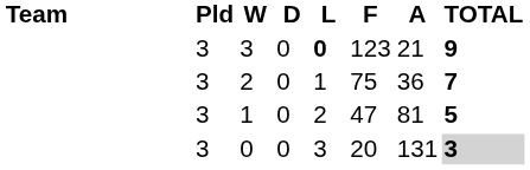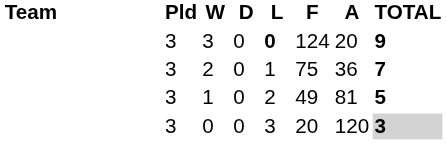 <table>
 <tr>
 <td><br></td>
 </tr>
 <tr border=1 cellpadding=5 cellspacing=0>
 <th width="200">Team</th>
 <th width="20">Pld</th>
 <th width="20">W</th>
 <th width="20">D</th>
 <th width="20">L</th>
 <th width="20">F</th>
 <th width="20">A</th>
 <th width="20">TOTAL</th>
 </tr>
 <tr>
 <td align=left></td>
 <td>3</td>
 <td>3</td>
 <td>0</td>
 <td><strong>0</strong></td>
-<td>123</td>
-<td>21</td>
+<td>124</td>
+<td>20</td>
 <td><strong>9</strong></td>
 </tr>
 <tr>
 <td align=left></td>
 <td>3</td>
 <td>2</td>
 <td>0</td>
 <td>1</td>
 <td>75</td>
 <td>36</td>
 <td><strong>7</strong></td>
 </tr>
 <tr>
 <td align=left></td>
 <td>3</td>
 <td>1</td>
 <td>0</td>
 <td>2</td>
-<td>47</td>
+<td>49</td>
 <td>81</td>
 <td><strong>5</strong></td>
 </tr>
 <tr>
 <td align=left></td>
 <td>3</td>
 <td>0</td>
 <td>0</td>
 <td>3</td>
 <td>20</td>
-<td>131</td>
+<td>120</td>
 <td style="background: lightgrey;"><strong>3</strong></td>
 </tr>
 </table>
